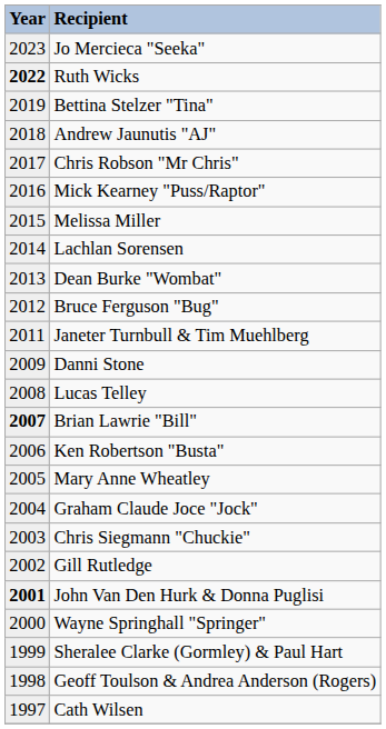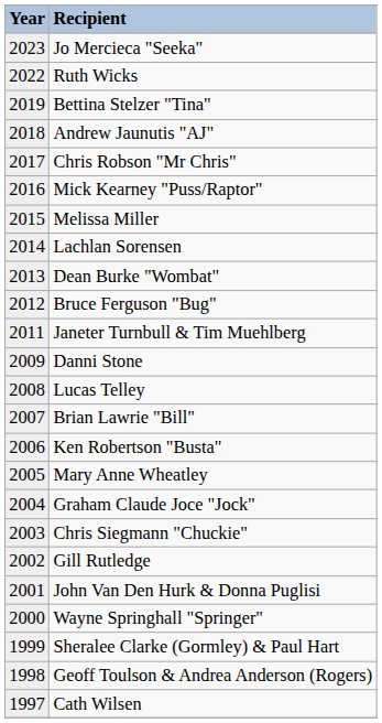 <table class="wikitable">
 <tr align=left>
 <td bgcolor=lightsteelblue><strong>Year</strong></td>
 <td bgcolor=lightsteelblue><strong>Recipient</strong></td>
 </tr>
 <tr>
 <td style="background:#efefef;">2023</td>
 <td>Jo Mercieca "Seeka"</td>
 </tr>
 <tr>
-<td style="background:#efefef;"><strong>2022</strong></td>
+<td style="background:#efefef;">2022</td>
 <td>Ruth Wicks</td>
 </tr>
 <tr>
 <td style="background:#efefef;">2019</td>
 <td>Bettina Stelzer "Tina"</td>
 </tr>
 <tr>
 <td style="background:#efefef;">2018</td>
 <td>Andrew Jaunutis "AJ"</td>
 </tr>
 <tr>
 <td style="background:#efefef;">2017</td>
 <td>Chris Robson "Mr Chris"</td>
 </tr>
 <tr>
 <td style="background:#efefef;">2016</td>
 <td>Mick Kearney "Puss/Raptor"</td>
 </tr>
 <tr>
 <td style="background:#efefef;">2015</td>
 <td>Melissa Miller</td>
 </tr>
 <tr>
 <td style="background:#efefef;">2014</td>
 <td>Lachlan Sorensen</td>
 </tr>
 <tr>
 <td style="background:#efefef;">2013</td>
 <td>Dean Burke "Wombat"</td>
 </tr>
 <tr>
 <td style="background:#efefef;">2012</td>
 <td>Bruce Ferguson "Bug"</td>
 </tr>
 <tr>
 <td style="background:#efefef;">2011</td>
 <td>Janeter Turnbull & Tim Muehlberg</td>
 </tr>
 <tr>
 <td style="background:#efefef;">2009</td>
 <td>Danni Stone</td>
 </tr>
 <tr>
 <td style="background:#efefef;">2008</td>
 <td>Lucas Telley</td>
 </tr>
 <tr>
-<td style="background:#efefef;"><strong>2007</strong></td>
+<td style="background:#efefef;">2007</td>
 <td>Brian Lawrie "Bill"</td>
 </tr>
 <tr>
 <td style="background:#efefef;">2006</td>
 <td>Ken Robertson "Busta"</td>
 </tr>
 <tr>
 <td style="background:#efefef;">2005</td>
 <td>Mary Anne Wheatley</td>
 </tr>
 <tr>
 <td style="background:#efefef;">2004</td>
 <td>Graham Claude Joce "Jock"</td>
 </tr>
 <tr>
 <td style="background:#efefef;">2003</td>
 <td>Chris Siegmann "Chuckie"</td>
 </tr>
 <tr>
 <td style="background:#efefef;">2002</td>
 <td>Gill Rutledge</td>
 </tr>
 <tr>
-<td style="background:#efefef;"><strong>2001</strong></td>
+<td style="background:#efefef;">2001</td>
 <td>John Van Den Hurk & Donna Puglisi</td>
 </tr>
 <tr>
 <td style="background:#efefef;">2000</td>
 <td>Wayne Springhall "Springer"</td>
 </tr>
 <tr>
 <td style="background:#efefef;">1999</td>
 <td>Sheralee Clarke (Gormley) & Paul Hart</td>
 </tr>
 <tr>
 <td style="background:#efefef;">1998</td>
 <td>Geoff Toulson & Andrea Anderson (Rogers)</td>
 </tr>
 <tr>
 <td style="background:#efefef;">1997</td>
 <td>Cath Wilsen</td>
 </tr>
 <tr>
 </tr>
 </table>
